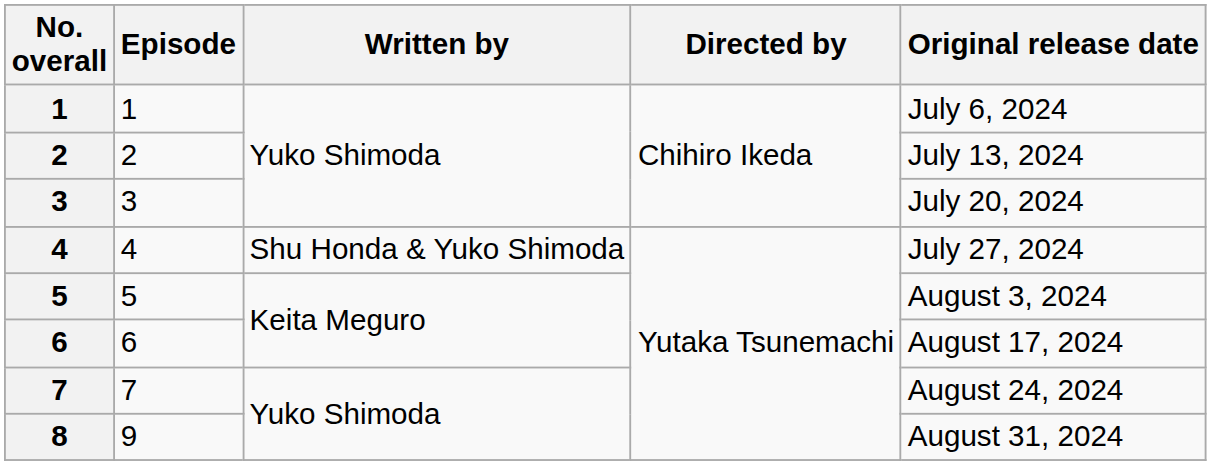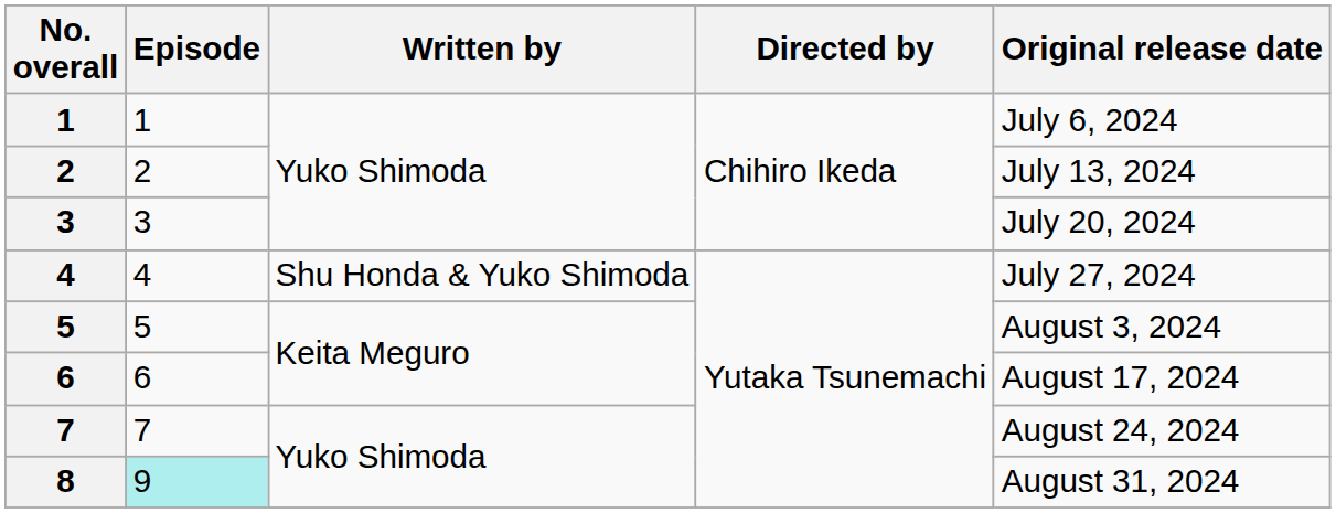 <table class="wikitable">
 <tr>
 <th><abbr>No.</abbr><br>overall</th>
 <th>Episode</th>
 <th><strong>Written by</strong></th>
 <th><strong>Directed by</strong></th>
 <th><strong>Original release date</strong></th>
 </tr>
 <tr>
 <th>1</th>
 <td>1</td>
 <td rowspan="3">Yuko Shimoda</td>
 <td rowspan="3">Chihiro Ikeda</td>
 <td>July 6, 2024</td>
 </tr>
 <tr>
 <th>2</th>
 <td>2</td>
 <td>July 13, 2024</td>
 </tr>
 <tr>
 <th>3</th>
 <td>3</td>
 <td>July 20, 2024</td>
 </tr>
 <tr>
 <th>4</th>
 <td>4</td>
 <td>Shu Honda & Yuko Shimoda</td>
 <td rowspan="5">Yutaka Tsunemachi</td>
 <td>July 27, 2024</td>
 </tr>
 <tr>
 <th>5</th>
 <td>5</td>
 <td rowspan="2">Keita Meguro</td>
 <td>August 3, 2024</td>
 </tr>
 <tr>
 <th>6</th>
 <td>6</td>
 <td>August 17, 2024</td>
 </tr>
 <tr>
 <th>7</th>
 <td>7</td>
 <td rowspan="2">Yuko Shimoda</td>
 <td>August 24, 2024</td>
 </tr>
 <tr>
 <th>8</th>
-<td>9</td>
+<td style="background: paleturquoise;">9</td>
 <td>August 31, 2024</td>
 </tr>
 </table>
